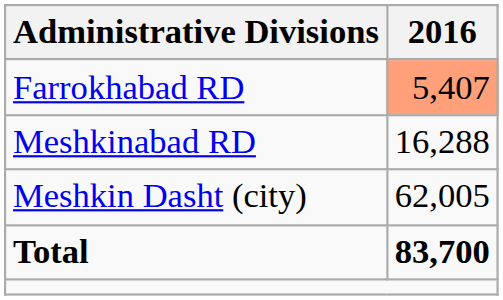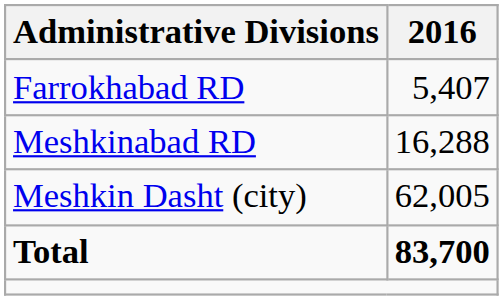 <table class="wikitable">
 <tr>
 <th>Administrative Divisions</th>
 <th>2016</th>
 </tr>
 <tr>
 <td><a href='#'>Farrokhabad RD</a></td>
-<td style="background: lightsalmon; text-align: right;">5,407</td>
+<td style="text-align: right;">5,407</td>
 </tr>
 <tr>
 <td><a href='#'>Meshkinabad RD</a></td>
 <td style="text-align: right;">16,288</td>
 </tr>
 <tr>
 <td><a href='#'>Meshkin Dasht</a> (city)</td>
 <td style="text-align: right;">62,005</td>
 </tr>
 <tr>
 <td><strong>Total</strong></td>
 <td style="text-align: right;"><strong>83,700</strong></td>
 </tr>
 <tr>
 <td colspan=2></td>
 </tr>
 </table>
